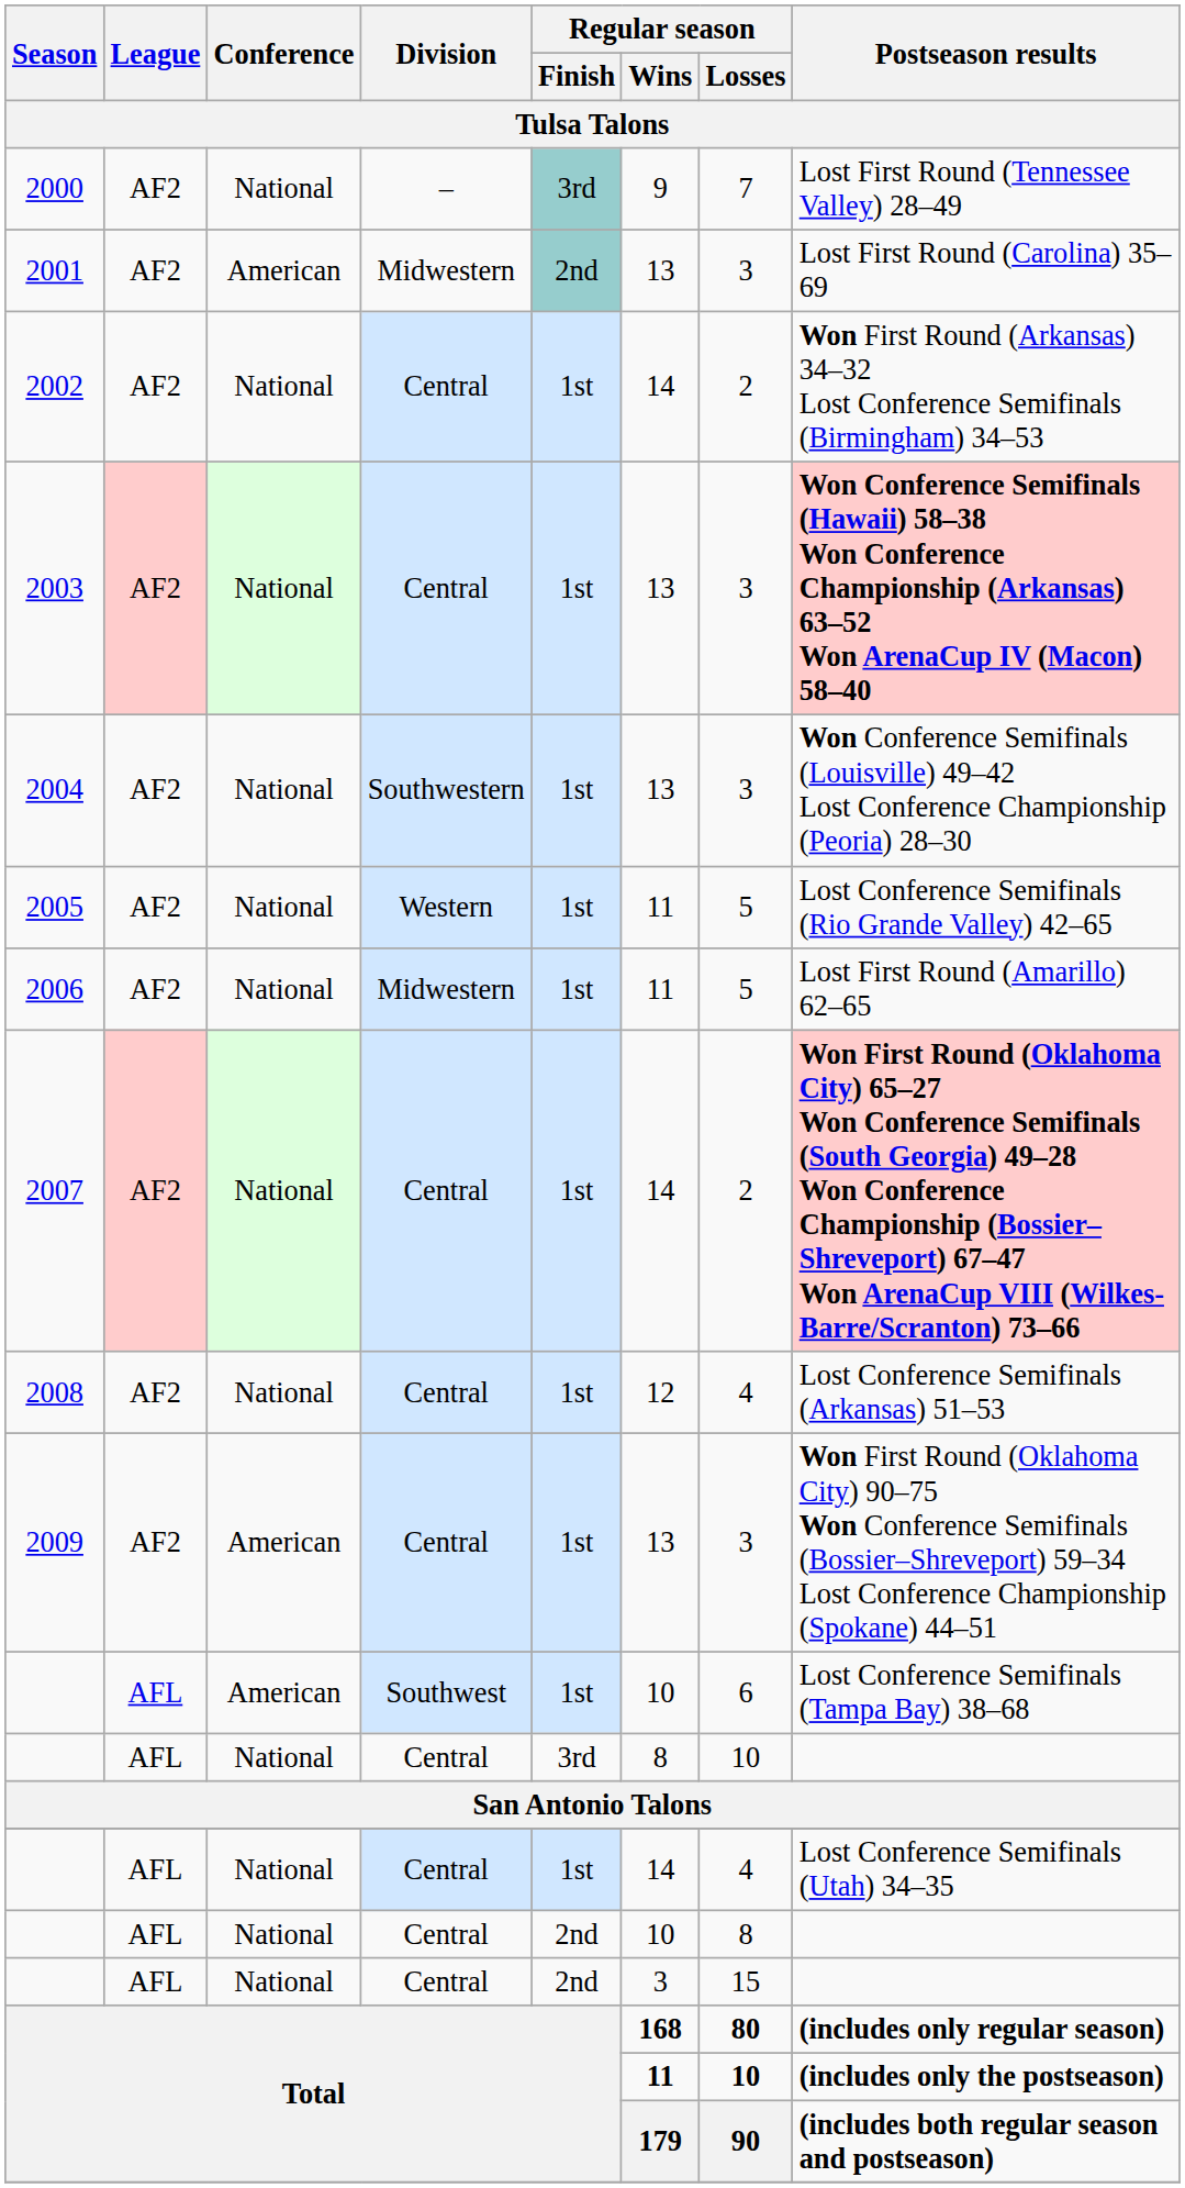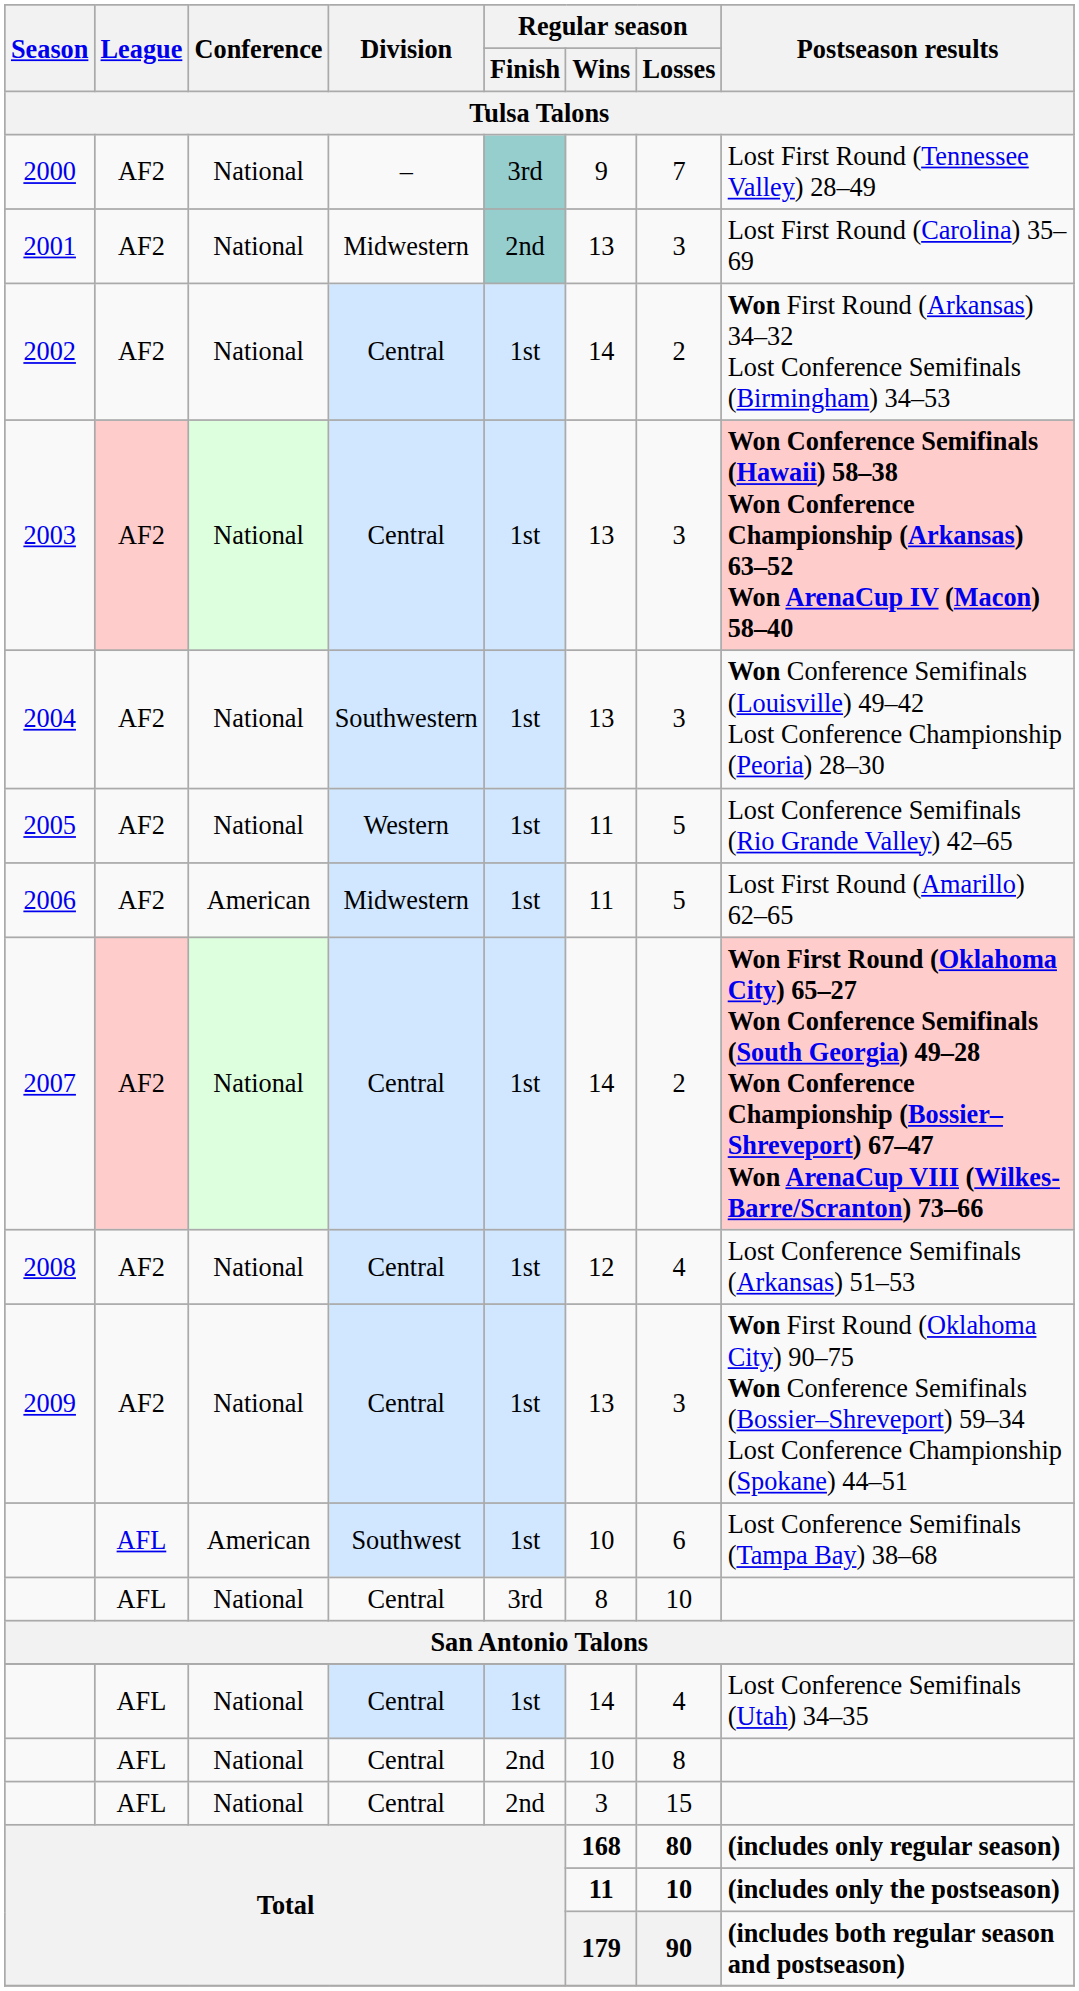 <table class="wikitable" style="font-size: 95%; width:70%;">
 <tr>
 <th rowspan="2" style="width:5%;"><a href='#'>Season</a></th>
 <th rowspan="2" style="width:5%;"><a href='#'>League</a></th>
 <th rowspan="2" style="width:5%;">Conference</th>
 <th rowspan="2">Division</th>
 <th colspan="3">Regular season</th>
 <th rowspan="2">Postseason results</th>
 </tr>
 <tr>
 <th>Finish</th>
 <th>Wins</th>
 <th>Losses</th>
 </tr>
 <tr>
 <th colspan="8">Tulsa Talons</th>
 </tr>
 <tr>
 <td align="center"><a href='#'>2000</a></td>
 <td align="center">AF2</td>
 <td align="center">National</td>
 <td align="center">–</td>
 <td align="center" bgcolor="#96CDCD">3rd</td>
 <td align="center">9</td>
 <td align="center">7</td>
 <td>Lost First Round (<a href='#'>Tennessee Valley</a>) 28–49</td>
 </tr>
 <tr>
 <td align="center"><a href='#'>2001</a></td>
 <td align="center">AF2</td>
-<td align="center">American</td>
+<td align="center">National</td>
 <td align="center">Midwestern</td>
 <td align="center" bgcolor="#96CDCD">2nd</td>
 <td align="center">13</td>
 <td align="center">3</td>
 <td>Lost First Round (<a href='#'>Carolina</a>) 35–69</td>
 </tr>
 <tr>
 <td align="center"><a href='#'>2002</a></td>
 <td align="center">AF2</td>
 <td align="center">National</td>
 <td align="center" bgcolor="#D0E7FF">Central</td>
 <td align="center" bgcolor="#D0E7FF">1st</td>
 <td align="center">14</td>
 <td align="center">2</td>
 <td><strong>Won</strong> First Round (<a href='#'>Arkansas</a>) 34–32 <br> Lost Conference Semifinals (<a href='#'>Birmingham</a>) 34–53</td>
 </tr>
 <tr>
 <td align="center"><a href='#'>2003</a></td>
 <td align="center" bgcolor="#FFCCCC">AF2</td>
 <td align="center" bgcolor="#DDFFDD">National</td>
 <td align="center" bgcolor="#D0E7FF">Central</td>
 <td align="center" bgcolor="#D0E7FF">1st</td>
 <td align="center">13</td>
 <td align="center">3</td>
 <td bgcolor="#FFCCCC"><strong>Won Conference Semifinals (<a href='#'>Hawaii</a>) 58–38 <br> Won Conference Championship (<a href='#'>Arkansas</a>) 63–52 <br> Won <a href='#'>ArenaCup IV</a> (<a href='#'>Macon</a>) 58–40</strong></td>
 </tr>
 <tr>
 <td align="center"><a href='#'>2004</a></td>
 <td align="center">AF2</td>
 <td align="center">National</td>
 <td align="center" bgcolor="#D0E7FF">Southwestern</td>
 <td align="center" bgcolor="#D0E7FF">1st</td>
 <td align="center">13</td>
 <td align="center">3</td>
 <td><strong>Won</strong> Conference Semifinals (<a href='#'>Louisville</a>) 49–42 <br> Lost Conference Championship (<a href='#'>Peoria</a>) 28–30</td>
 </tr>
 <tr>
 <td align="center"><a href='#'>2005</a></td>
 <td align="center">AF2</td>
 <td align="center">National</td>
 <td align="center" bgcolor="#D0E7FF">Western</td>
 <td align="center" bgcolor="#D0E7FF">1st</td>
 <td align="center">11</td>
 <td align="center">5</td>
 <td>Lost Conference Semifinals (<a href='#'>Rio Grande Valley</a>) 42–65</td>
 </tr>
 <tr>
 <td align="center"><a href='#'>2006</a></td>
 <td align="center">AF2</td>
-<td align="center">National</td>
+<td align="center">American</td>
 <td align="center" bgcolor="#D0E7FF">Midwestern</td>
 <td align="center" bgcolor="#D0E7FF">1st</td>
 <td align="center">11</td>
 <td align="center">5</td>
 <td>Lost First Round (<a href='#'>Amarillo</a>) 62–65</td>
 </tr>
 <tr>
 <td align="center"><a href='#'>2007</a></td>
 <td align="center" bgcolor="#FFCCCC">AF2</td>
 <td align="center" bgcolor="#DDFFDD">National</td>
 <td align="center" bgcolor="#D0E7FF">Central</td>
 <td align="center" bgcolor="#D0E7FF">1st</td>
 <td align="center">14</td>
 <td align="center">2</td>
 <td bgcolor="#FFCCCC"><strong>Won First Round (<a href='#'>Oklahoma City</a>) 65–27 <br> Won Conference Semifinals (<a href='#'>South Georgia</a>) 49–28 <br> Won Conference Championship (<a href='#'>Bossier–Shreveport</a>) 67–47 <br> Won <a href='#'>ArenaCup VIII</a> (<a href='#'>Wilkes-Barre/Scranton</a>) 73–66</strong></td>
 </tr>
 <tr>
 <td align="center"><a href='#'>2008</a></td>
 <td align="center">AF2</td>
 <td align="center">National</td>
 <td align="center" bgcolor="#D0E7FF">Central</td>
 <td align="center" bgcolor="#D0E7FF">1st</td>
 <td align="center">12</td>
 <td align="center">4</td>
 <td>Lost Conference Semifinals (<a href='#'>Arkansas</a>) 51–53</td>
 </tr>
 <tr>
 <td align="center"><a href='#'>2009</a></td>
 <td align="center">AF2</td>
-<td align="center">American</td>
+<td align="center">National</td>
 <td align="center" bgcolor="#D0E7FF">Central</td>
 <td align="center" bgcolor="#D0E7FF">1st</td>
 <td align="center">13</td>
 <td align="center">3</td>
 <td><strong>Won</strong> First Round (<a href='#'>Oklahoma City</a>) 90–75 <br> <strong>Won</strong> Conference Semifinals (<a href='#'>Bossier–Shreveport</a>) 59–34 <br> Lost Conference Championship (<a href='#'>Spokane</a>) 44–51</td>
 </tr>
 <tr>
 <td align="center"></td>
 <td align="center"><a href='#'>AFL</a></td>
 <td align="center">American</td>
 <td align="center" bgcolor="#D0E7FF">Southwest</td>
 <td align="center" bgcolor="#D0E7FF">1st</td>
 <td align="center">10</td>
 <td align="center">6</td>
 <td>Lost Conference Semifinals (<a href='#'>Tampa Bay</a>) 38–68</td>
 </tr>
 <tr>
 <td align="center"></td>
 <td align="center">AFL</td>
 <td align="center">National</td>
 <td align="center">Central</td>
 <td align="center">3rd</td>
 <td align="center">8</td>
 <td align="center">10</td>
 <td></td>
 </tr>
 <tr>
 <th colspan="8">San Antonio Talons</th>
 </tr>
 <tr>
 </tr>
 <tr>
 <td align="center"></td>
 <td align="center">AFL</td>
 <td align="center">National</td>
 <td align="center" bgcolor="#D0E7FF">Central</td>
 <td align="center" bgcolor="#D0E7FF">1st</td>
 <td align="center">14</td>
 <td align="center">4</td>
 <td>Lost Conference Semifinals (<a href='#'>Utah</a>) 34–35</td>
 </tr>
 <tr>
 <td align="center"></td>
 <td align="center">AFL</td>
 <td align="center">National</td>
 <td align="center">Central</td>
 <td align="center">2nd</td>
 <td align="center">10</td>
 <td align="center">8</td>
 </tr>
 <tr>
 <td align="center"></td>
 <td align="center">AFL</td>
 <td align="center">National</td>
 <td align="center">Central</td>
 <td align="center">2nd</td>
 <td align="center">3</td>
 <td align="center">15</td>
 <td></td>
 </tr>
 <tr>
 <th align="center" rowSpan="3" colSpan="5">Total</th>
 <td align="center"><strong>168</strong></td>
 <td align="center"><strong>80</strong></td>
 <td colSpan="2"><strong>(includes only regular season)</strong></td>
 </tr>
 <tr>
 <td align="center"><strong>11</strong></td>
 <td align="center"><strong>10</strong></td>
 <td colSpan="2"><strong>(includes only the postseason)</strong></td>
 </tr>
 <tr>
 <th align="center">179</th>
 <th align="center">90</th>
 <td colSpan="2"><strong>(includes both regular season and postseason)</strong></td>
 </tr>
 <tr>
 </tr>
 </table>
